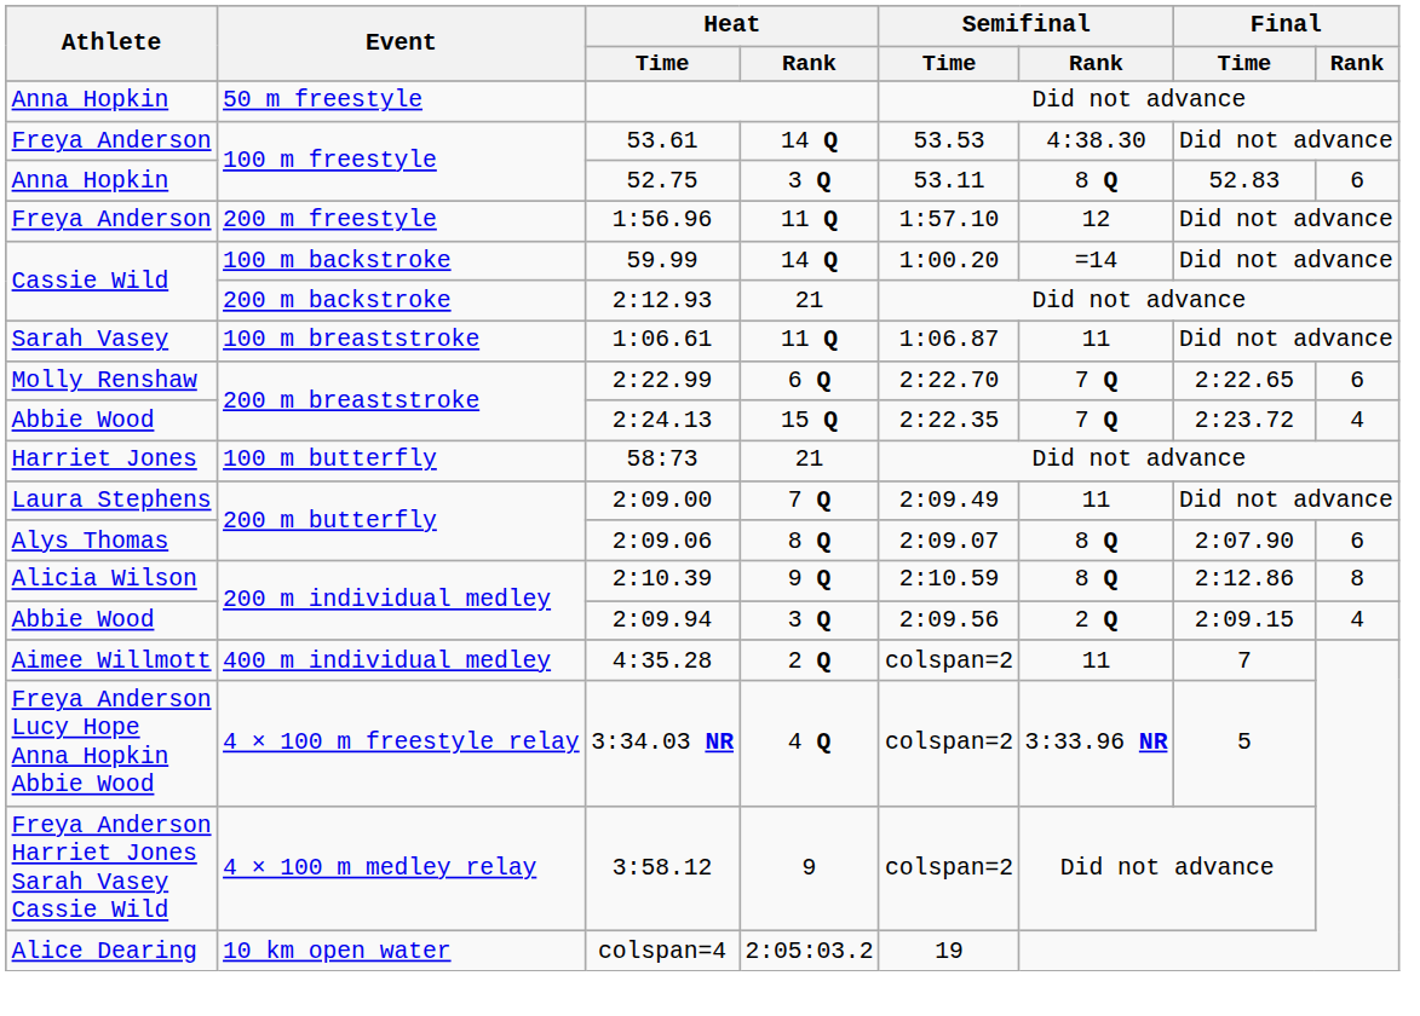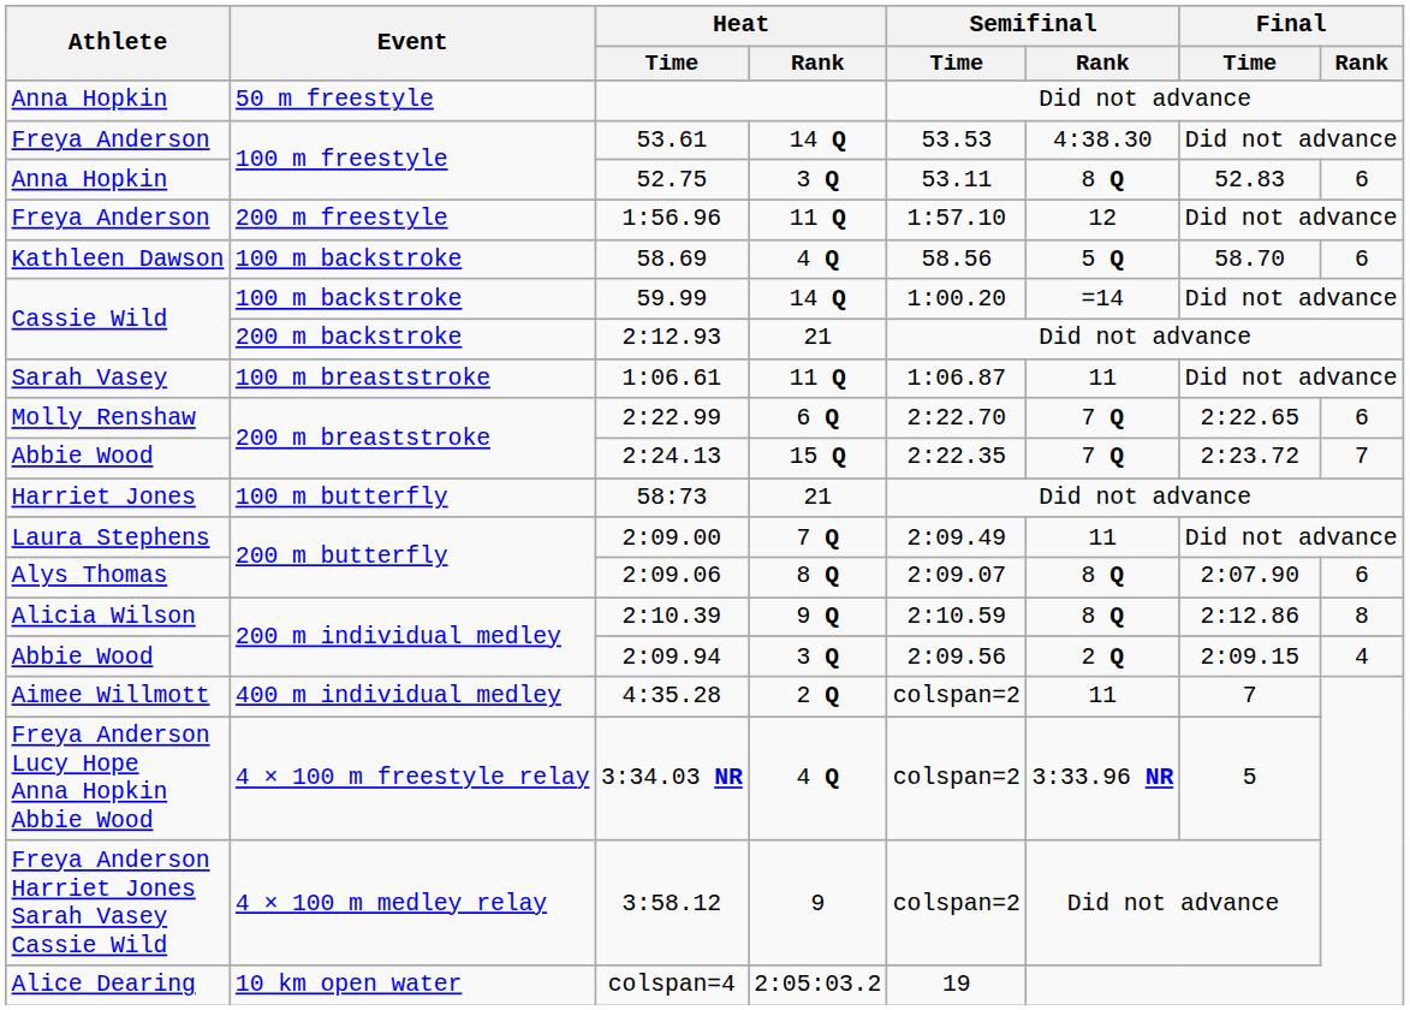 <table class=wikitable style=font-size:90%;text-align:center>
 <tr>
 <th rowspan=2>Athlete</th>
 <th rowspan=2>Event</th>
 <th colspan=2>Heat</th>
 <th colspan=2>Semifinal</th>
 <th colspan=2>Final</th>
 </tr>
 <tr style=font-size:95%>
 <th>Time</th>
 <th>Rank</th>
 <th>Time</th>
 <th>Rank</th>
 <th>Time</th>
 <th>Rank</th>
 </tr>
 <tr>
 <td align=left><a href='#'>Anna Hopkin</a></td>
 <td align=left><a href='#'>50 m freestyle</a></td>
 <td colspan="2"></td>
 <td colspan="4">Did not advance</td>
 </tr>
 <tr>
 <td align=left><a href='#'>Freya Anderson</a></td>
 <td align=left rowspan=2><a href='#'>100 m freestyle</a></td>
 <td>53.61</td>
 <td>14 <strong>Q</strong></td>
 <td>53.53</td>
 <td>4:38.30</td>
 <td colspan="2">Did not advance</td>
 </tr>
 <tr>
 <td align=left><a href='#'>Anna Hopkin</a></td>
 <td>52.75</td>
 <td>3 <strong>Q</strong></td>
 <td>53.11</td>
 <td>8 <strong>Q</strong></td>
 <td>52.83</td>
 <td>6</td>
 </tr>
 <tr>
 <td align=left><a href='#'>Freya Anderson</a></td>
 <td align=left><a href='#'>200 m freestyle</a></td>
 <td>1:56.96</td>
 <td>11 <strong>Q</strong></td>
 <td>1:57.10</td>
 <td>12</td>
 <td colspan="2">Did not advance</td>
 </tr>
 <tr>
+<td align=left><a href='#'>Kathleen Dawson</a></td>
+<td align=left><a href='#'>100 m backstroke</a></td>
+<td>58.69</td>
+<td>4 <strong>Q</strong></td>
+<td>58.56</td>
+<td>5 <strong>Q</strong></td>
+<td>58.70</td>
+<td>6</td>
+</tr>
+<tr>
 <td align=left rowspan=2><a href='#'>Cassie Wild</a></td>
 <td align=left><a href='#'>100 m backstroke</a></td>
 <td>59.99</td>
 <td>14 <strong>Q</strong></td>
 <td>1:00.20</td>
 <td>=14</td>
 <td colspan="2">Did not advance</td>
 </tr>
 <tr>
 <td align=left><a href='#'>200 m backstroke</a></td>
 <td>2:12.93</td>
 <td>21</td>
 <td colspan="4">Did not advance</td>
 </tr>
 <tr>
 <td align=left><a href='#'>Sarah Vasey</a></td>
 <td align=left><a href='#'>100 m breaststroke</a></td>
 <td>1:06.61</td>
 <td>11 <strong>Q</strong></td>
 <td>1:06.87</td>
 <td>11</td>
 <td colspan="2">Did not advance</td>
 </tr>
 <tr>
 <td align=left><a href='#'>Molly Renshaw</a></td>
 <td align=left rowspan=2><a href='#'>200 m breaststroke</a></td>
 <td>2:22.99</td>
 <td>6 <strong>Q</strong></td>
 <td>2:22.70</td>
 <td>7 <strong>Q</strong></td>
 <td>2:22.65</td>
 <td>6</td>
 </tr>
 <tr>
 <td align=left><a href='#'>Abbie Wood</a></td>
 <td>2:24.13</td>
 <td>15 <strong>Q</strong></td>
 <td>2:22.35</td>
 <td>7 <strong>Q</strong></td>
 <td>2:23.72</td>
-<td>4</td>
+<td>7</td>
 </tr>
 <tr>
 <td align=left><a href='#'>Harriet Jones</a></td>
 <td align=left><a href='#'>100 m butterfly</a></td>
 <td>58:73</td>
 <td>21</td>
 <td colspan="4">Did not advance</td>
 </tr>
 <tr>
 <td align=left><a href='#'>Laura Stephens</a></td>
 <td align=left rowspan=2><a href='#'>200 m butterfly</a></td>
 <td>2:09.00</td>
 <td>7 <strong>Q</strong></td>
 <td>2:09.49</td>
 <td>11</td>
 <td colspan="2">Did not advance</td>
 </tr>
 <tr>
 <td align=left><a href='#'>Alys Thomas</a></td>
 <td>2:09.06</td>
 <td>8 <strong>Q</strong></td>
 <td>2:09.07</td>
 <td>8 <strong>Q</strong></td>
 <td>2:07.90</td>
 <td>6</td>
 </tr>
 <tr>
 <td align=left><a href='#'>Alicia Wilson</a></td>
 <td align=left rowspan=2><a href='#'>200 m individual medley</a></td>
 <td>2:10.39</td>
 <td>9 <strong>Q</strong></td>
 <td>2:10.59</td>
 <td>8 <strong>Q</strong></td>
 <td>2:12.86</td>
 <td>8</td>
 </tr>
 <tr>
 <td align=left><a href='#'>Abbie Wood</a></td>
 <td>2:09.94</td>
 <td>3 <strong>Q</strong></td>
 <td>2:09.56</td>
 <td>2 <strong>Q</strong></td>
 <td>2:09.15</td>
 <td>4</td>
 </tr>
 <tr>
 <td align=left><a href='#'>Aimee Willmott</a></td>
 <td align=left><a href='#'>400 m individual medley</a></td>
 <td>4:35.28</td>
 <td>2 <strong>Q</strong></td>
 <td>colspan=2 </td>
 <td>11</td>
 <td>7</td>
 </tr>
 <tr>
 <td align=left><a href='#'>Freya Anderson</a><br><a href='#'>Lucy Hope</a><br><a href='#'>Anna Hopkin</a><br><a href='#'>Abbie Wood</a></td>
 <td align=left><a href='#'>4 × 100 m freestyle relay</a></td>
 <td>3:34.03 <strong><a href='#'>NR</a></strong></td>
 <td>4 <strong>Q</strong></td>
 <td>colspan=2 </td>
 <td>3:33.96 <strong><a href='#'>NR</a></strong></td>
 <td>5</td>
 </tr>
 <tr>
 <td align=left><a href='#'>Freya Anderson</a><br><a href='#'>Harriet Jones</a><br><a href='#'>Sarah Vasey</a><br><a href='#'>Cassie Wild</a></td>
 <td align=left><a href='#'>4 × 100 m medley relay</a></td>
 <td>3:58.12</td>
 <td>9</td>
 <td>colspan=2 </td>
 <td colspan="2">Did not advance</td>
 </tr>
 <tr>
 <td align=left><a href='#'>Alice Dearing</a></td>
 <td align=left><a href='#'>10 km open water</a></td>
 <td>colspan=4 </td>
 <td>2:05:03.2</td>
 <td>19</td>
 </tr>
 </table>
